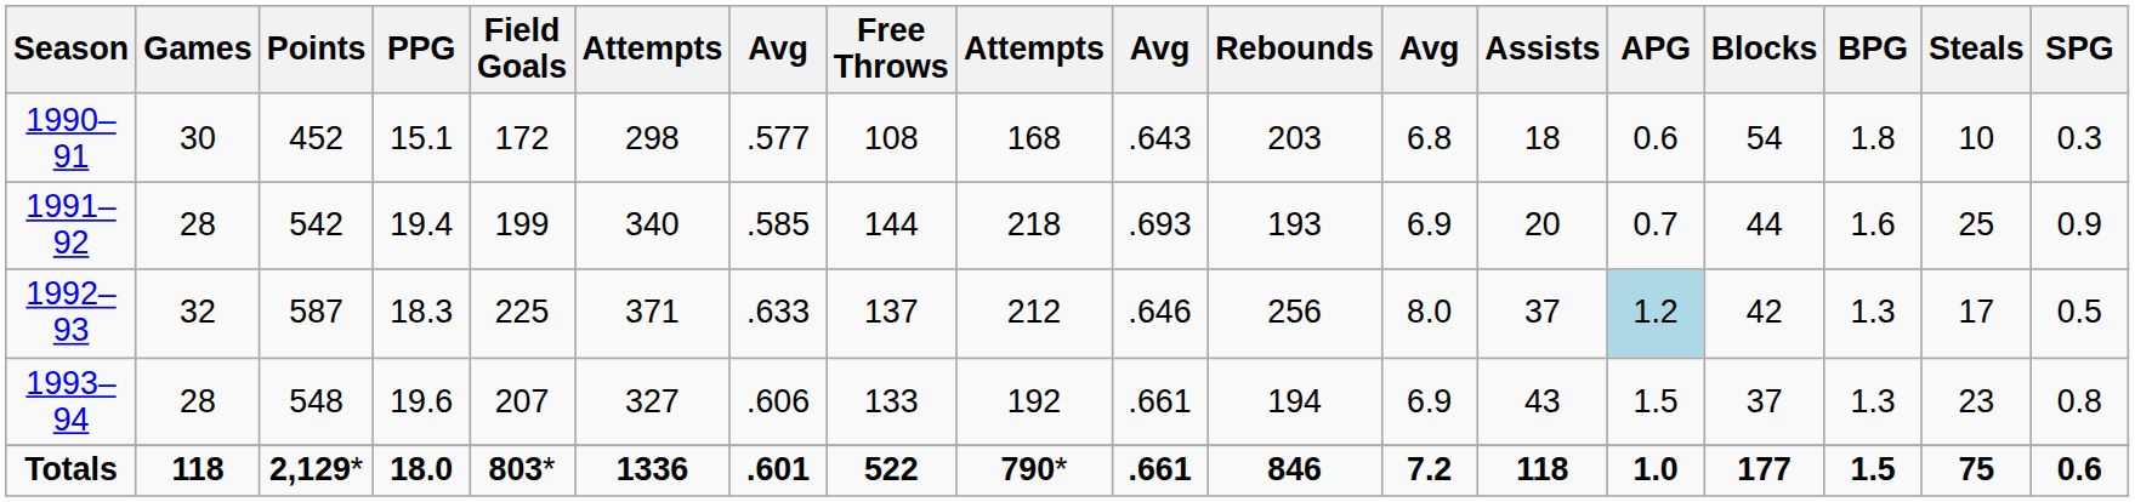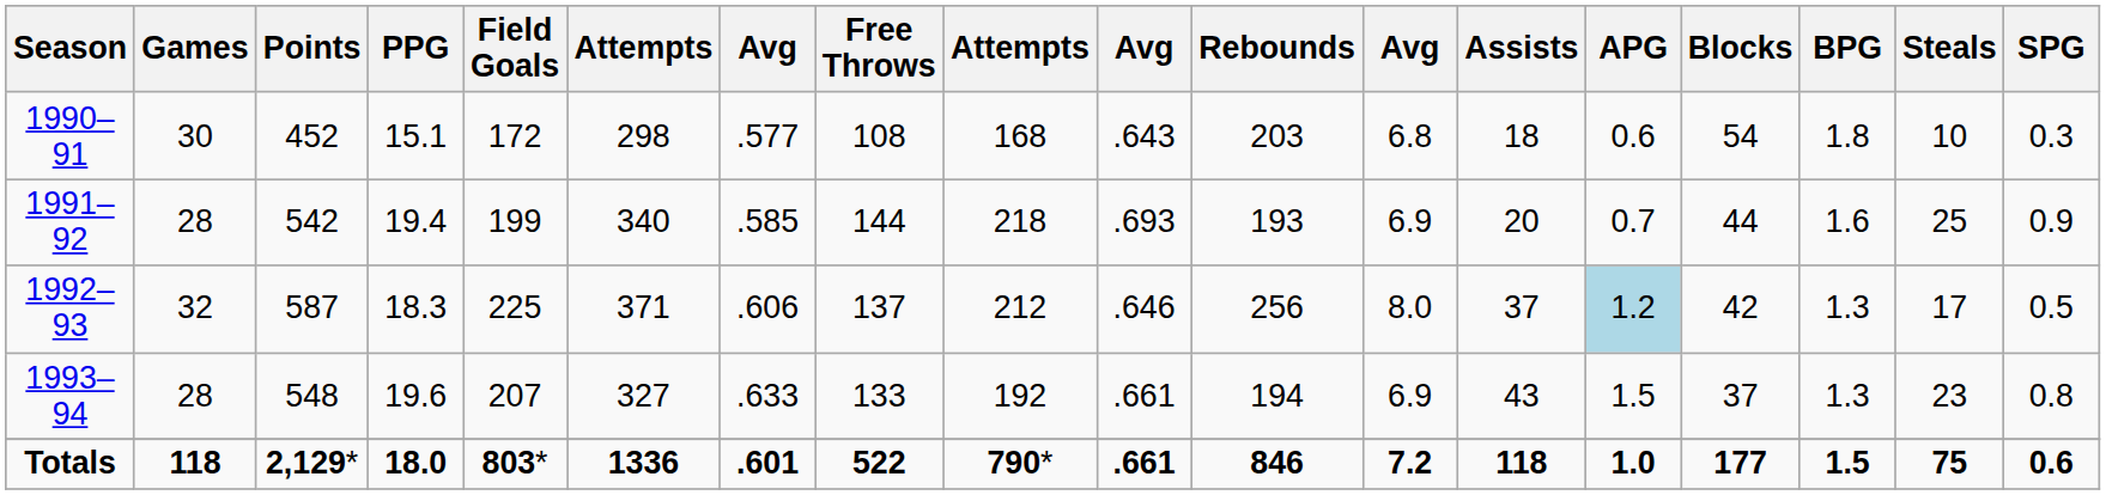 <table class="wikitable sortable" style="text-align:center">
 <tr>
 <th width=40px>Season</th>
 <th width=40px>Games</th>
 <th width=40px>Points</th>
 <th width=40px>PPG</th>
 <th width=40px>Field Goals</th>
 <th width=40px>Attempts</th>
 <th width=40px>Avg</th>
 <th width=40px>Free Throws</th>
 <th width=40px>Attempts</th>
 <th width=40px>Avg</th>
 <th width=40px>Rebounds</th>
 <th width=40px>Avg</th>
 <th width=40px>Assists</th>
 <th width=40px>APG</th>
 <th width=40px>Blocks</th>
 <th width=40px>BPG</th>
 <th width=40px>Steals</th>
 <th width=40px>SPG</th>
 </tr>
 <tr>
 <td><a href='#'>1990–91</a></td>
 <td>30</td>
 <td>452</td>
 <td>15.1</td>
 <td>172</td>
 <td>298</td>
 <td>.577</td>
 <td>108</td>
 <td>168</td>
 <td>.643</td>
 <td>203</td>
 <td>6.8</td>
 <td>18</td>
 <td>0.6</td>
 <td>54</td>
 <td>1.8</td>
 <td>10</td>
 <td>0.3</td>
 </tr>
 <tr>
 <td><a href='#'>1991–92</a></td>
 <td>28</td>
 <td>542</td>
 <td>19.4</td>
 <td>199</td>
 <td>340</td>
 <td>.585</td>
 <td>144</td>
 <td>218</td>
 <td>.693</td>
 <td>193</td>
 <td>6.9</td>
 <td>20</td>
 <td>0.7</td>
 <td>44</td>
 <td>1.6</td>
 <td>25</td>
 <td>0.9</td>
 </tr>
 <tr>
 <td><a href='#'>1992–93</a></td>
 <td>32</td>
 <td>587</td>
 <td>18.3</td>
 <td>225</td>
 <td>371</td>
-<td>.633</td>
+<td>.606</td>
 <td>137</td>
 <td>212</td>
 <td>.646</td>
 <td>256</td>
 <td>8.0</td>
 <td>37</td>
 <td style="background: lightblue;">1.2</td>
 <td>42</td>
 <td>1.3</td>
 <td>17</td>
 <td>0.5</td>
 </tr>
 <tr>
 <td><a href='#'>1993–94</a></td>
 <td>28</td>
 <td>548</td>
 <td>19.6</td>
 <td>207</td>
 <td>327</td>
-<td>.606</td>
+<td>.633</td>
 <td>133</td>
 <td>192</td>
 <td>.661</td>
 <td>194</td>
 <td>6.9</td>
 <td>43</td>
 <td>1.5</td>
 <td>37</td>
 <td>1.3</td>
 <td>23</td>
 <td>0.8</td>
 </tr>
 <tr>
 </tr>
 <tr class="sortbottom">
 <td><strong>Totals</strong></td>
 <td><strong>118</strong></td>
 <td><strong>2,129</strong>*</td>
 <td><strong>18.0</strong></td>
 <td><strong>803</strong>*</td>
 <td><strong>1336</strong></td>
 <td><strong>.601</strong></td>
 <td><strong>522</strong></td>
 <td><strong>790</strong>*</td>
 <td><strong>.661</strong></td>
 <td><strong>846</strong></td>
 <td><strong>7.2</strong></td>
 <td><strong>118</strong></td>
 <td><strong>1.0</strong></td>
 <td><strong>177</strong></td>
 <td><strong>1.5</strong></td>
 <td><strong>75</strong></td>
 <td><strong>0.6</strong></td>
 </tr>
 </table>
